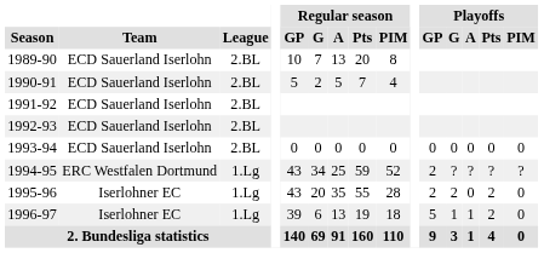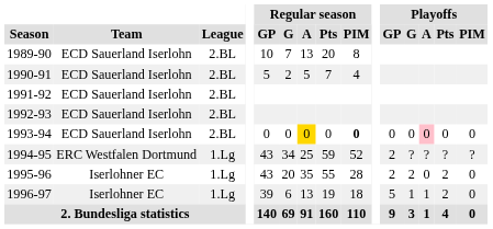 <table border="0" cellpadding="3" cellspacing="0">
 <tr align="center" bgcolor="#e0e0e0">
 <th colspan="3" bgcolor="#ffffff"> </th>
 <th rowspan="99" bgcolor="#ffffff"> </th>
 <th colspan="5">Regular season</th>
 <th rowspan="99" bgcolor="#ffffff"> </th>
 <th colspan="5">Playoffs</th>
 </tr>
 <tr align="center" bgcolor="#e0e0e0">
 <th>Season</th>
 <th>Team</th>
 <th>League</th>
 <th>GP</th>
 <th>G</th>
 <th>A</th>
 <th>Pts</th>
 <th>PIM</th>
 <th>GP</th>
 <th>G</th>
 <th>A</th>
 <th>Pts</th>
 <th>PIM</th>
 </tr>
 <tr ALIGN="center">
 <td>1989-90</td>
 <td>ECD Sauerland Iserlohn</td>
 <td>2.BL</td>
 <td>10</td>
 <td>7</td>
 <td>13</td>
 <td>20</td>
 <td>8</td>
 <td></td>
 <td></td>
 <td></td>
 <td></td>
 <td></td>
 </tr>
 <tr align="center" bgcolor="#f0f0f0">
 <td>1990-91</td>
 <td>ECD Sauerland Iserlohn</td>
 <td>2.BL</td>
 <td>5</td>
 <td>2</td>
 <td>5</td>
 <td>7</td>
 <td>4</td>
 <td></td>
 <td></td>
 <td></td>
 <td></td>
 <td></td>
 </tr>
 <tr align="center">
 <td>1991-92</td>
 <td>ECD Sauerland Iserlohn</td>
 <td>2.BL</td>
 <td></td>
 <td></td>
 <td></td>
 <td></td>
 <td></td>
 <td></td>
 <td></td>
 <td></td>
 <td></td>
 <td></td>
 </tr>
 <tr align="center" bgcolor="#f0f0f0">
 <td>1992-93</td>
 <td>ECD Sauerland Iserlohn</td>
 <td>2.BL</td>
 <td></td>
 <td></td>
 <td></td>
 <td></td>
 <td></td>
 <td></td>
 <td></td>
 <td></td>
 <td></td>
 <td></td>
 </tr>
 <tr align="center">
 <td>1993-94</td>
 <td>ECD Sauerland Iserlohn</td>
 <td>2.BL</td>
 <td>0</td>
 <td>0</td>
+<td style="background: gold;">0</td>
+<td>0</td>
+<td><strong>0</strong></td>
 <td>0</td>
 <td>0</td>
-<td>0</td>
-<td>0</td>
-<td>0</td>
-<td>0</td>
+<td style="background: pink;">0</td>
 <td>0</td>
 <td>0</td>
 </tr>
 <tr align="center" bgcolor="#f0f0f0">
 <td>1994-95</td>
 <td>ERC Westfalen Dortmund</td>
 <td>1.Lg</td>
 <td>43</td>
 <td>34</td>
 <td>25</td>
 <td>59</td>
 <td>52</td>
 <td>2</td>
 <td>?</td>
 <td>?</td>
 <td>?</td>
 <td>?</td>
 </tr>
 <tr align="center">
 <td>1995-96</td>
 <td>Iserlohner EC</td>
 <td>1.Lg</td>
 <td>43</td>
 <td>20</td>
 <td>35</td>
 <td>55</td>
 <td>28</td>
 <td>2</td>
 <td>2</td>
 <td>0</td>
 <td>2</td>
 <td>0</td>
 </tr>
 <tr align="center" bgcolor="#f0f0f0">
 <td>1996-97</td>
 <td>Iserlohner EC</td>
 <td>1.Lg</td>
 <td>39</td>
 <td>6</td>
 <td>13</td>
 <td>19</td>
 <td>18</td>
 <td>5</td>
 <td>1</td>
 <td>1</td>
 <td>2</td>
 <td>0</td>
 </tr>
 <tr align="center" bgcolor="#e0e0e0" style="font-weight:bold;">
 <td colspan="3">2. Bundesliga statistics</td>
 <td>140</td>
 <td>69</td>
 <td>91</td>
 <td>160</td>
 <td>110</td>
 <td>9</td>
 <td>3</td>
 <td>1</td>
 <td>4</td>
 <td>0</td>
 </tr>
 </table>
